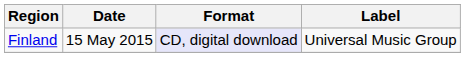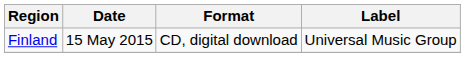 <table class=wikitable>
 <tr>
 <th>Region</th>
 <th>Date</th>
 <th>Format</th>
 <th>Label</th>
 </tr>
 <tr>
 <td><a href='#'>Finland</a></td>
 <td>15 May 2015</td>
-<td style="background: lavender;">CD, digital download</td>
+<td>CD, digital download</td>
 <td>Universal Music Group</td>
 </tr>
 <tr>
 </tr>
 </table>
